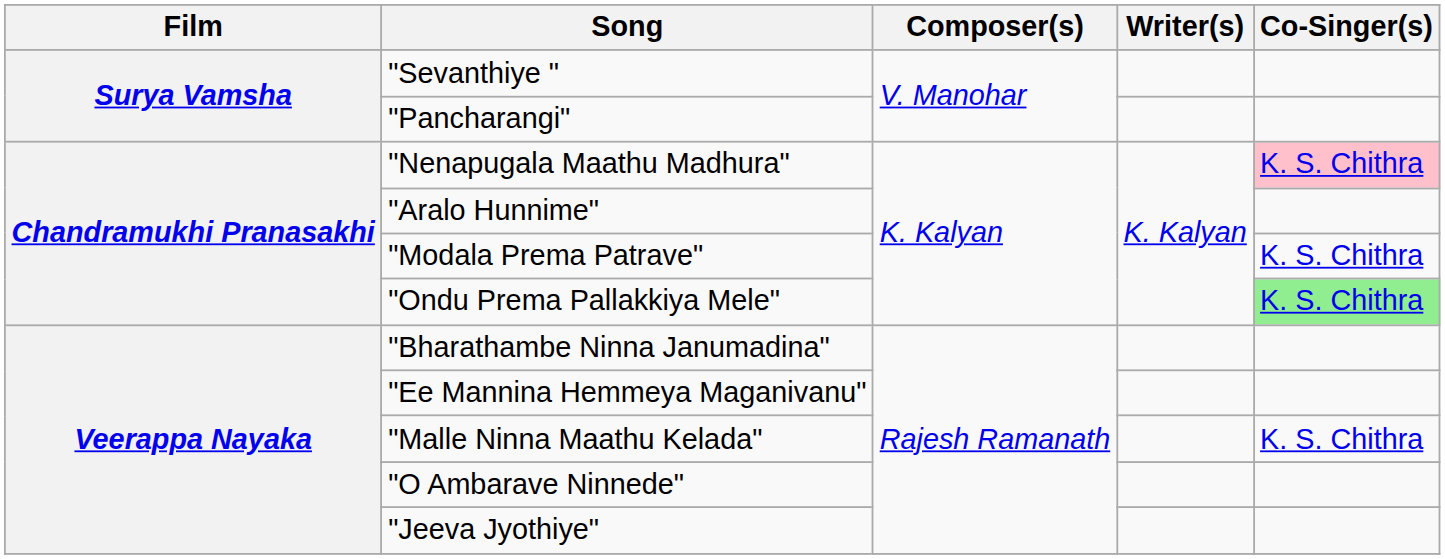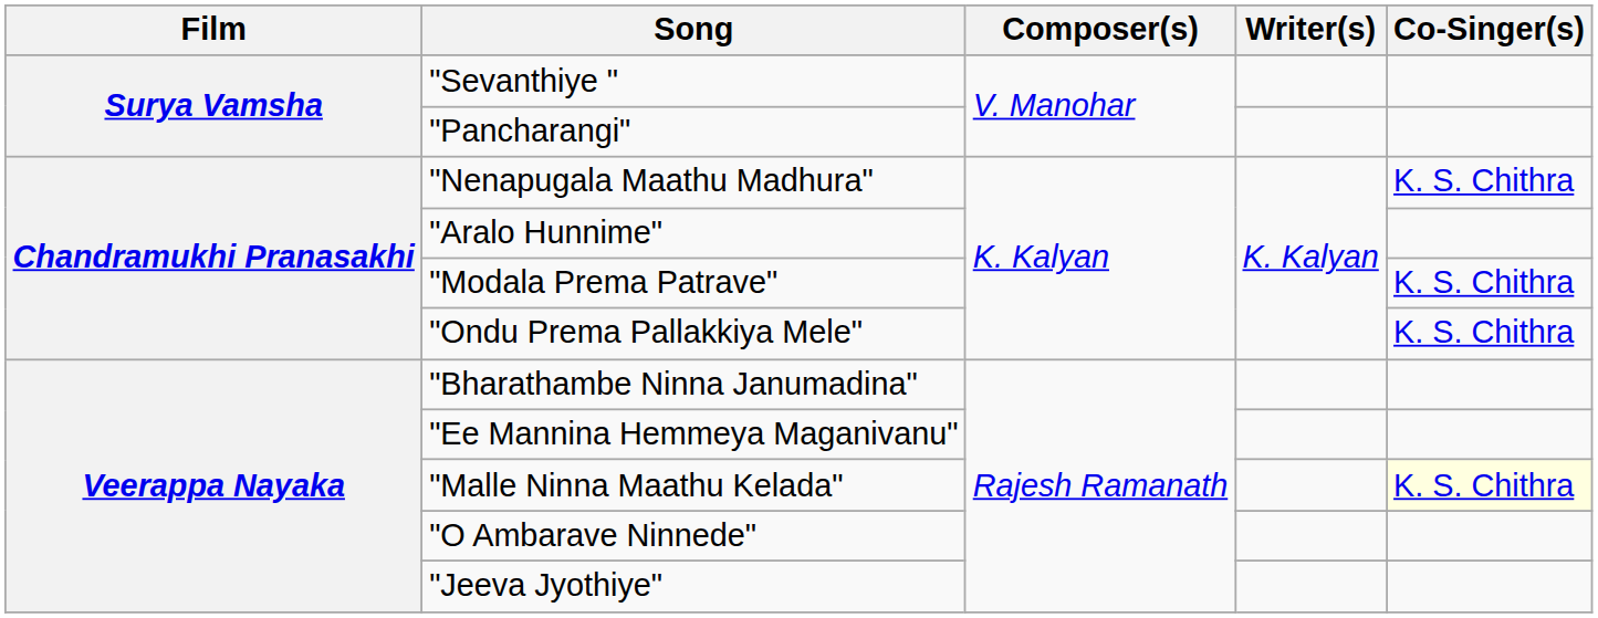 <table class="wikitable">
 <tr>
 <th>Film</th>
 <th>Song</th>
 <th>Composer(s)</th>
 <th>Writer(s)</th>
 <th>Co-Singer(s)</th>
 </tr>
 <tr>
 <th rowspan=2><em><a href='#'>Surya Vamsha</a></em></th>
 <td>"Sevanthiye "</td>
 <td rowspan=2><em><a href='#'>V. Manohar</a></em></td>
 <td></td>
 </tr>
 <tr>
 <td>"Pancharangi"</td>
 <td></td>
 <td></td>
 </tr>
 <tr>
 <th rowspan=4><em><a href='#'>Chandramukhi Pranasakhi</a></em></th>
 <td>"Nenapugala Maathu Madhura"</td>
 <td rowspan=4><em><a href='#'>K. Kalyan</a></em></td>
 <td rowspan=4><em><a href='#'>K. Kalyan</a></em></td>
-<td style="background: pink;"><a href='#'>K. S. Chithra</a></td>
+<td><a href='#'>K. S. Chithra</a></td>
 </tr>
 <tr>
 <td>"Aralo Hunnime"</td>
 <td></td>
 </tr>
 <tr>
 <td>"Modala Prema Patrave"</td>
 <td><a href='#'>K. S. Chithra</a></td>
 </tr>
 <tr>
 <td>"Ondu Prema Pallakkiya Mele"</td>
-<td style="background: lightgreen;"><a href='#'>K. S. Chithra</a></td>
+<td><a href='#'>K. S. Chithra</a></td>
 </tr>
 <tr>
 <th rowspan=5><em><a href='#'>Veerappa Nayaka</a></em></th>
 <td>"Bharathambe Ninna Janumadina"</td>
 <td rowspan=5><em><a href='#'>Rajesh Ramanath</a></em></td>
 <td></td>
 <td></td>
 </tr>
 <tr>
 <td>"Ee Mannina Hemmeya Maganivanu"</td>
 <td></td>
 <td></td>
 </tr>
 <tr>
 <td>"Malle Ninna Maathu Kelada"</td>
 <td></td>
-<td><a href='#'>K. S. Chithra</a></td>
+<td style="background: lightyellow;"><a href='#'>K. S. Chithra</a></td>
 </tr>
 <tr>
 <td>"O Ambarave Ninnede"</td>
 <td></td>
 <td></td>
 </tr>
 <tr>
 <td>"Jeeva Jyothiye"</td>
 <td></td>
 <td></td>
 </tr>
 </table>
